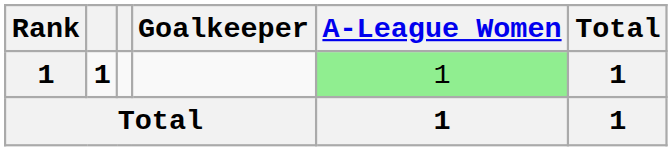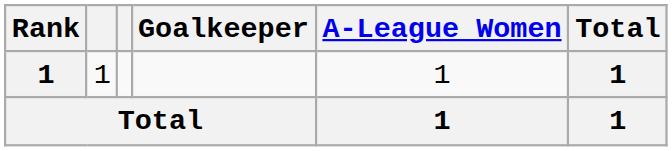 <table class="wikitable" style="text-align:center">
 <tr>
 <th>Rank</th>
 <th></th>
 <th></th>
 <th>Goalkeeper</th>
 <th><a href='#'>A-League Women</a></th>
 <th>Total</th>
 </tr>
 <tr>
 <th>1</th>
-<td><strong>1</strong></td>
+<td>1</td>
 <td></td>
 <td align="left"></td>
-<td style="background: lightgreen;">1</td>
+<td>1</td>
 <th>1</th>
 </tr>
 <tr>
 <th colspan="4">Total</th>
 <th>1</th>
 <th>1</th>
 </tr>
 </table>
